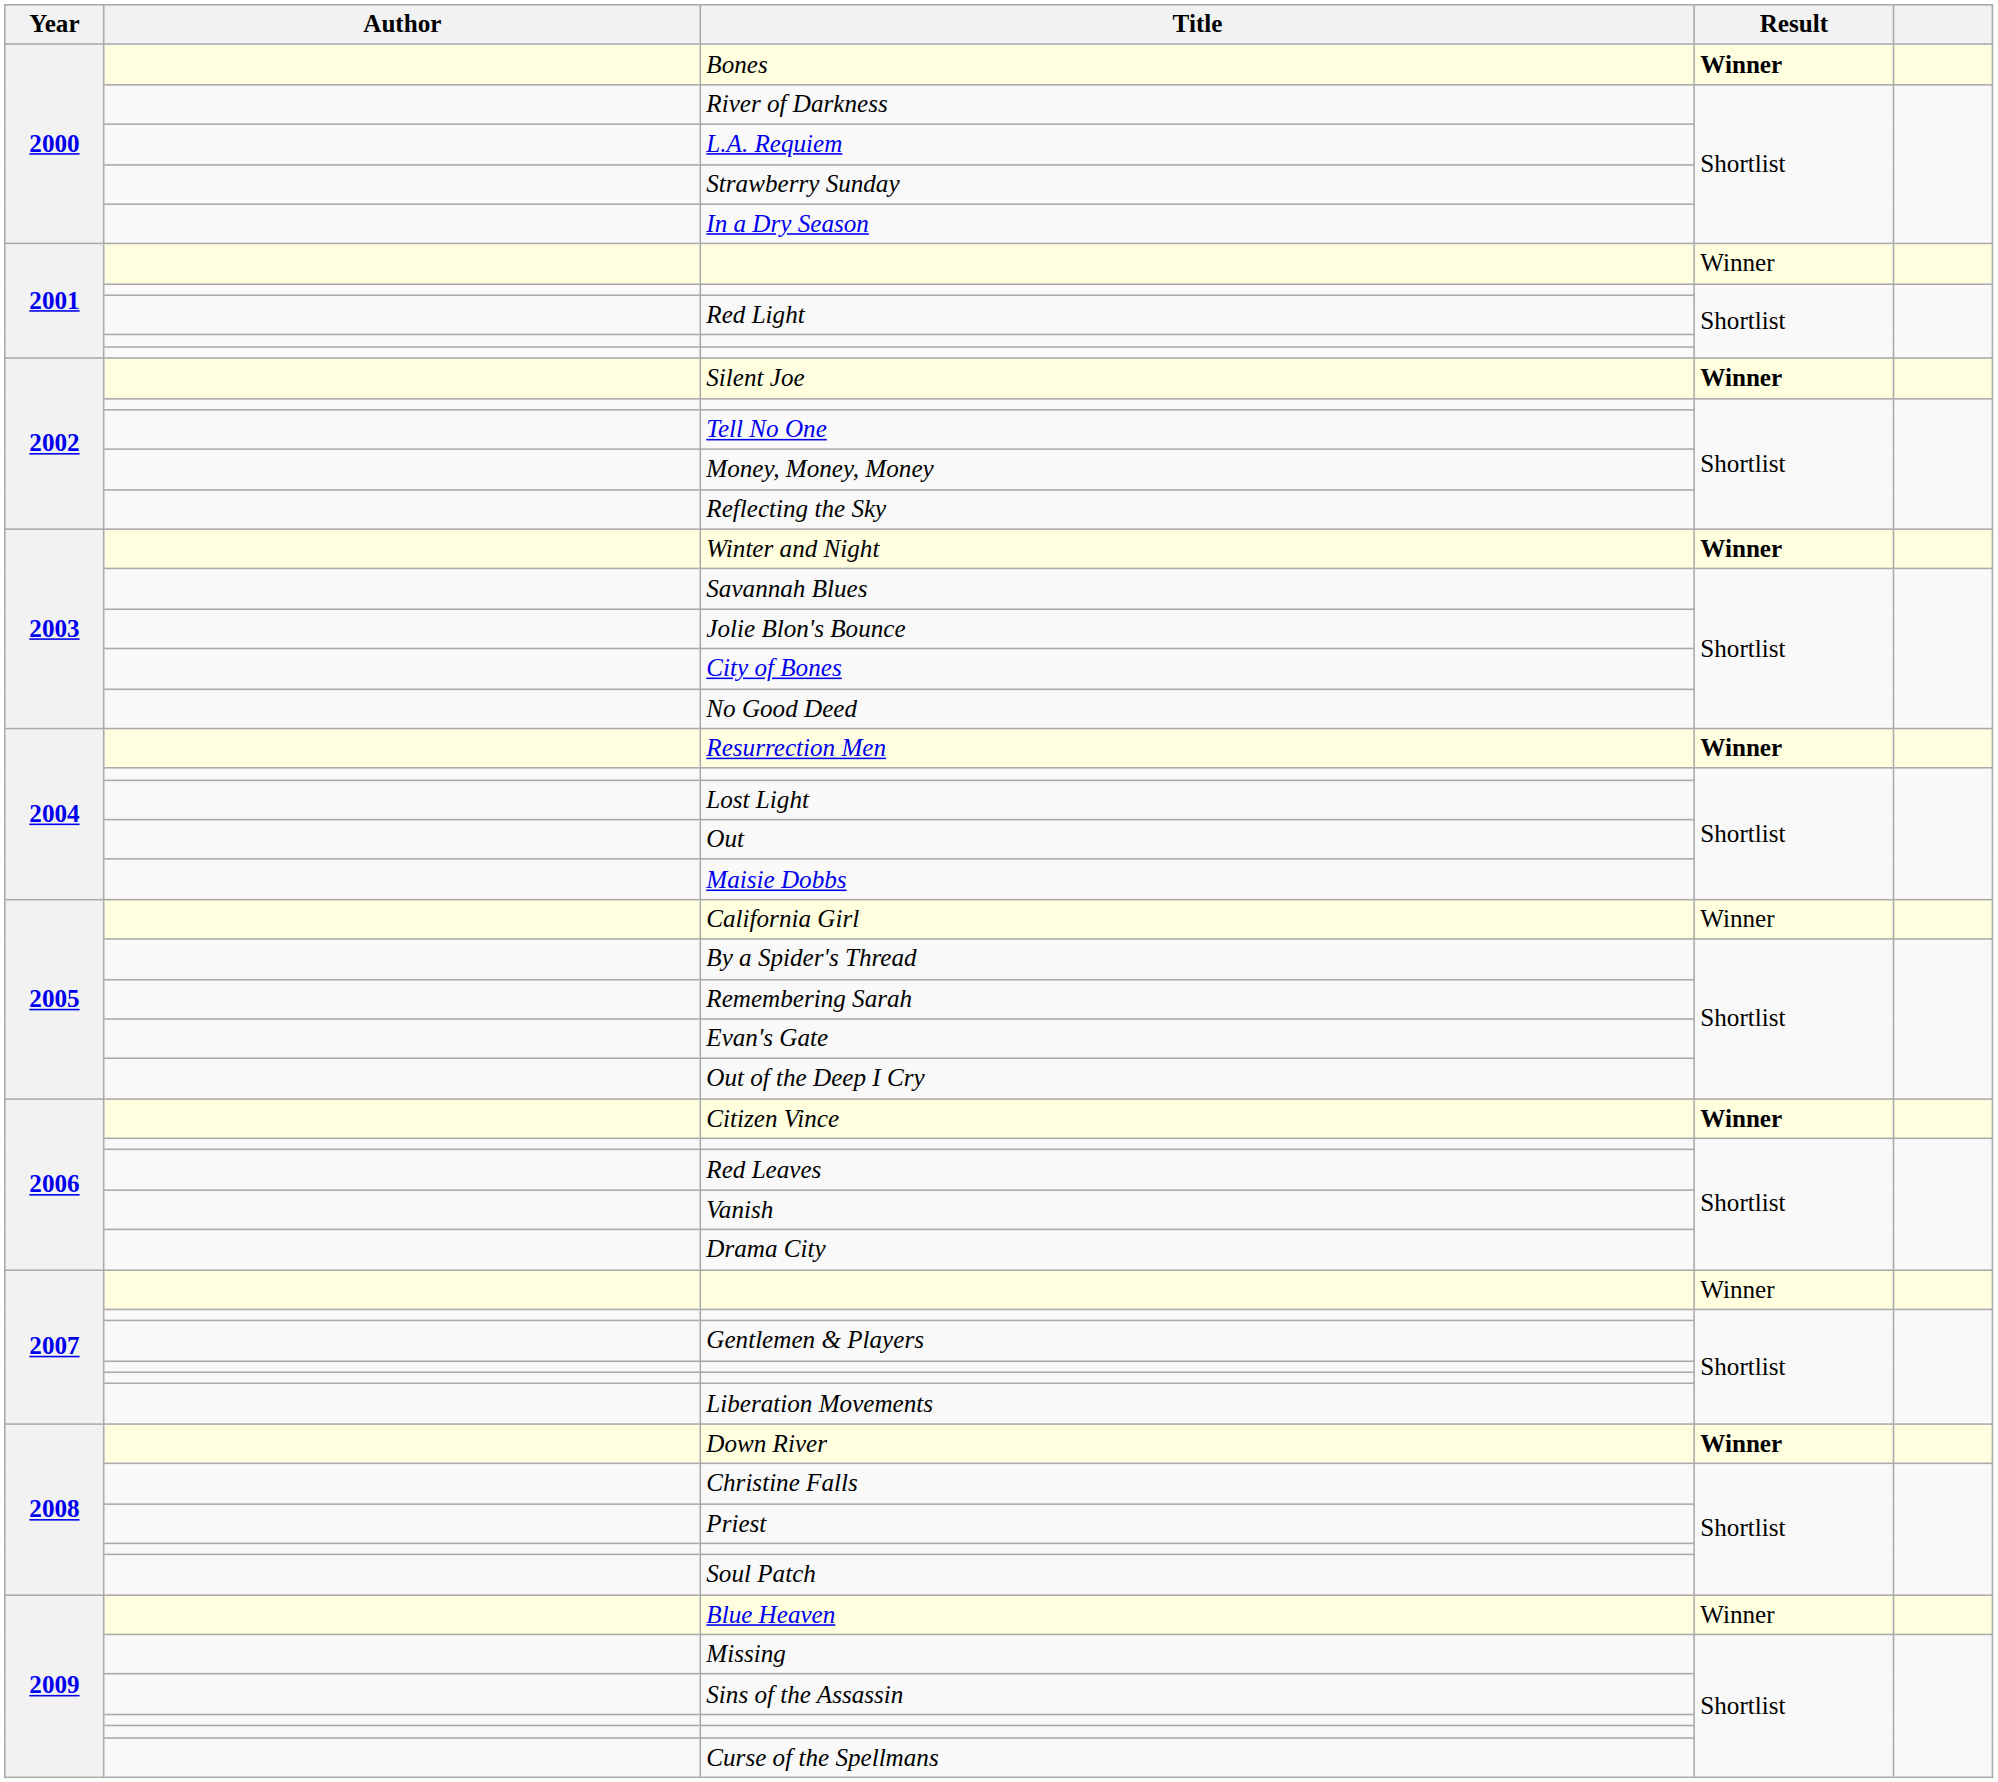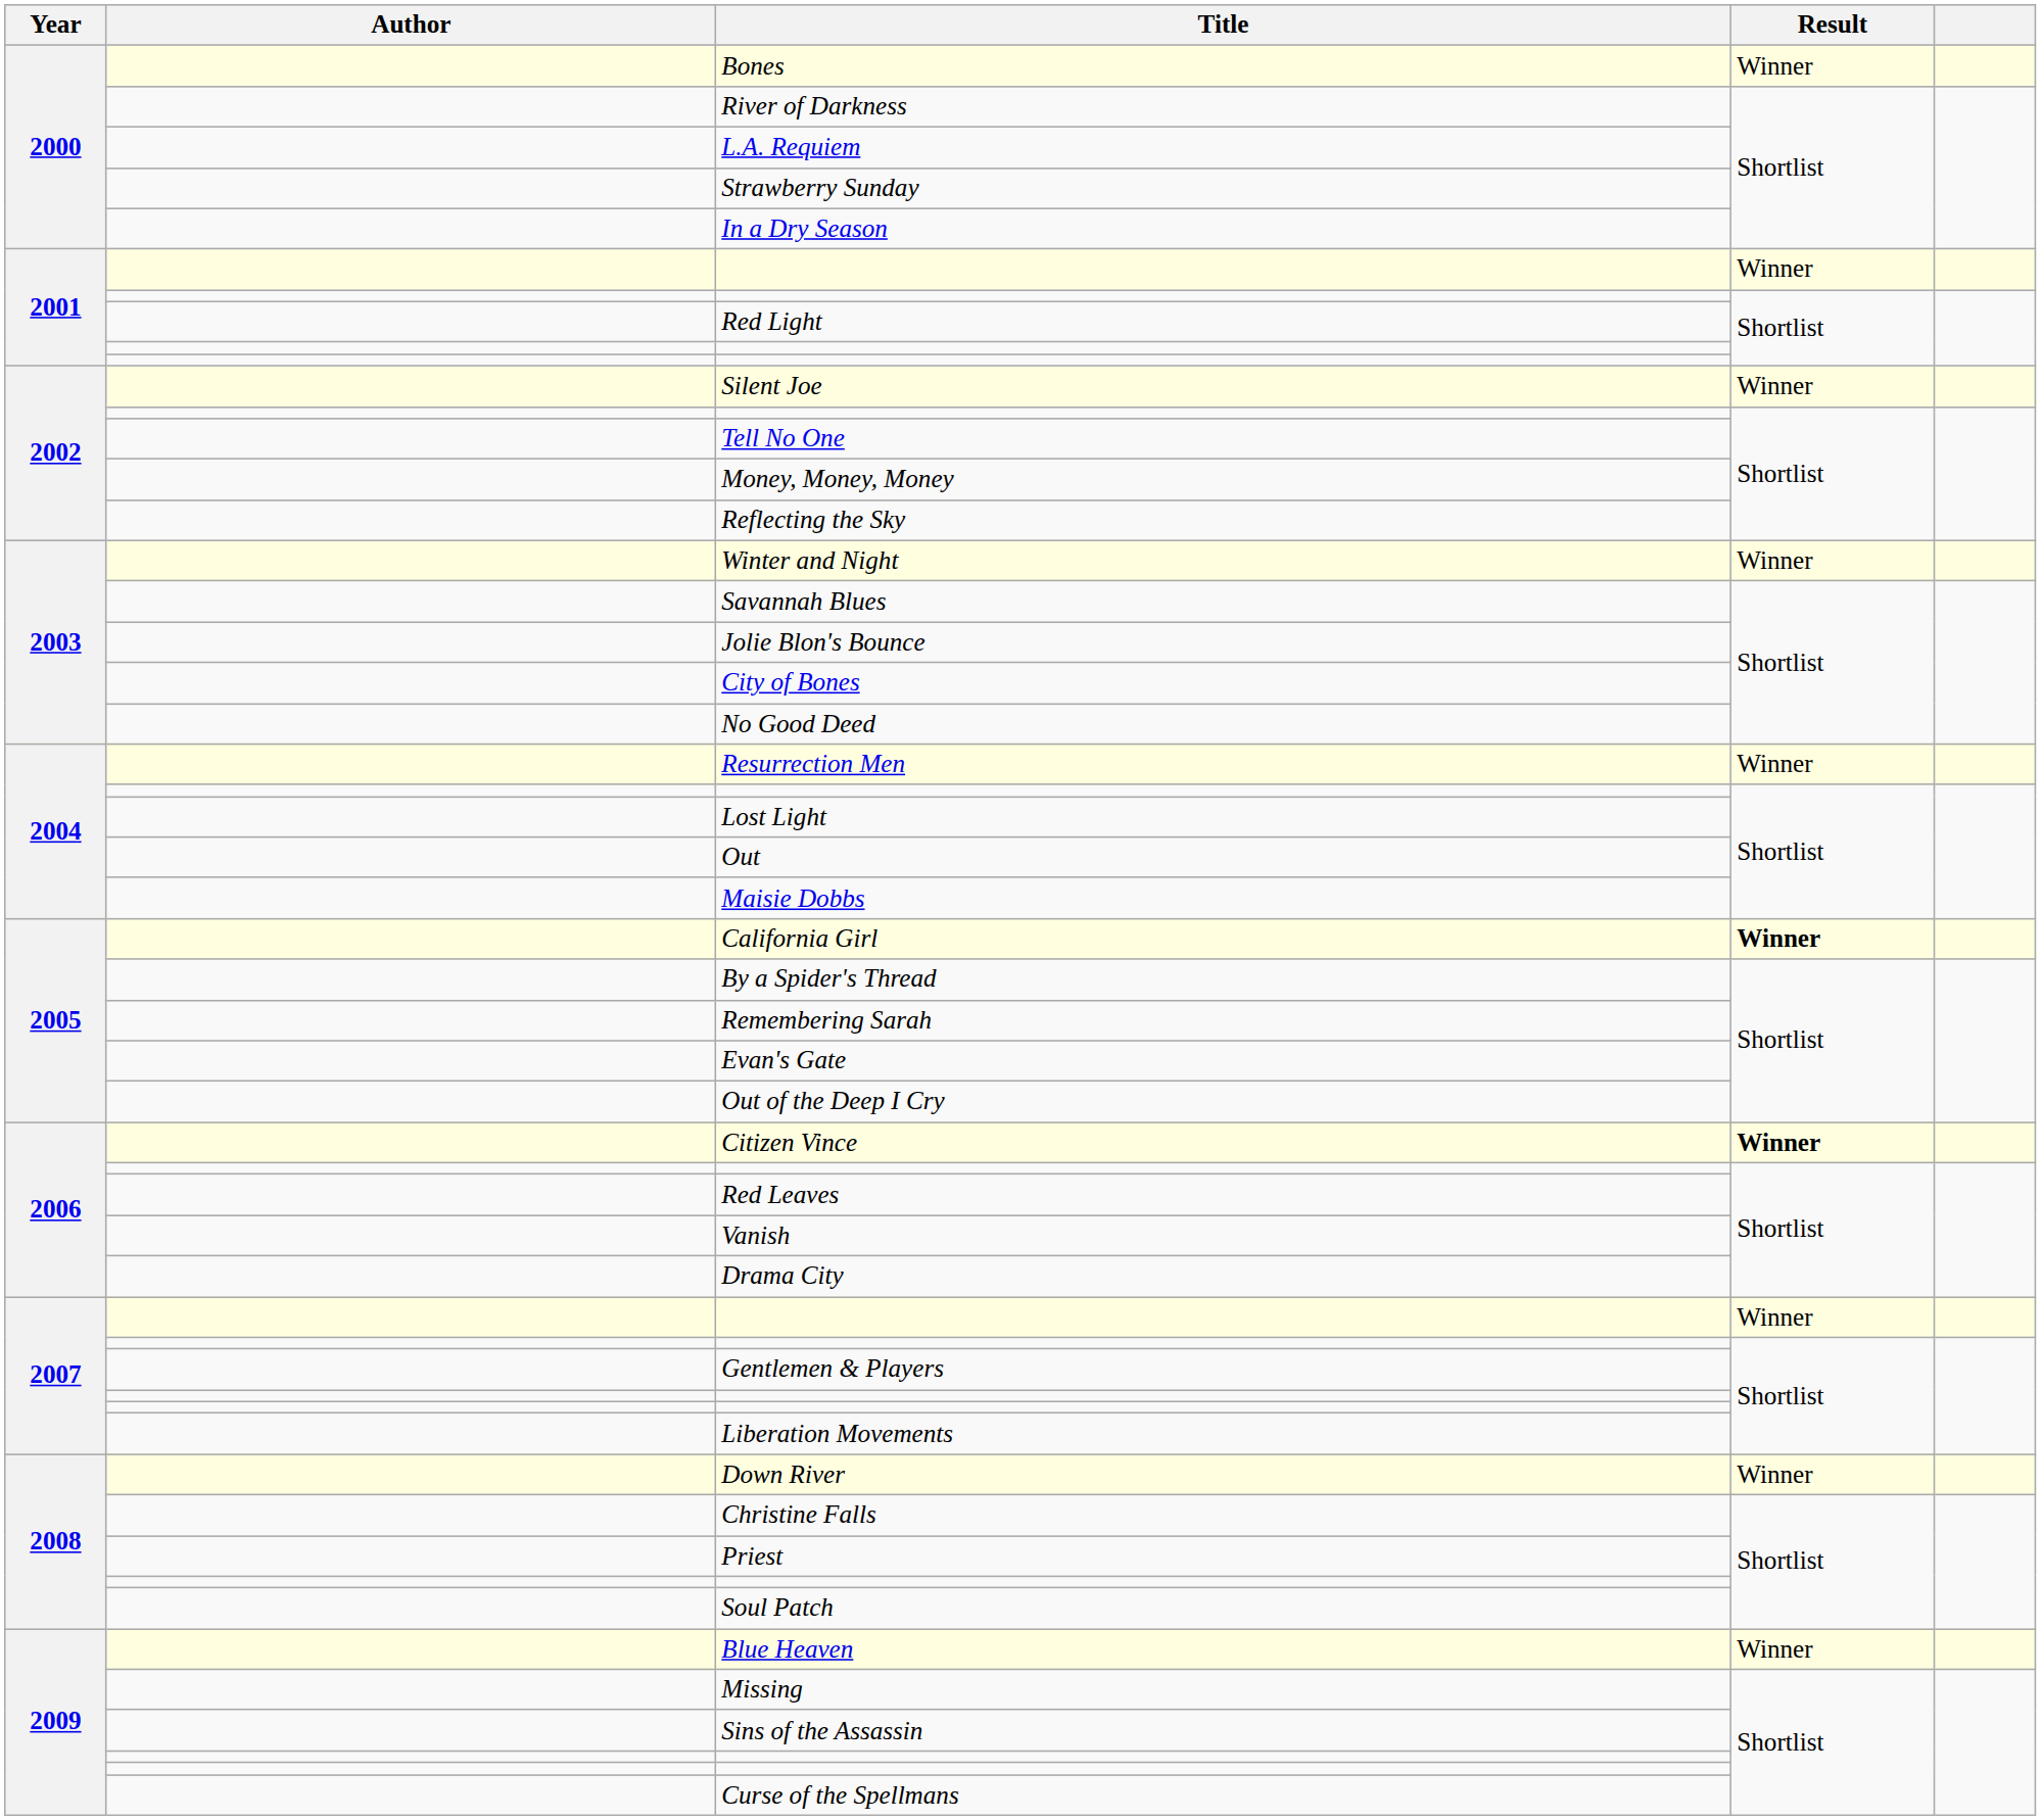 <table class="wikitable sortable mw-collapsible" style="width:80%">
 <tr>
 <th scope="col" width="5%">Year</th>
 <th scope="col" width="30%">Author</th>
 <th scope="col" width="50%">Title</th>
 <th scope="col" width="10%">Result</th>
 <th scope="col" width="5%"></th>
 </tr>
 <tr style="background:lightyellow;">
 <th rowspan="5"><a href='#'>2000</a></th>
 <td></td>
 <td><em>Bones</em></td>
-<td><strong>Winner</strong></td>
+<td>Winner</td>
 <td></td>
 </tr>
 <tr>
 <td></td>
 <td><em>River of Darkness</em></td>
 <td rowspan="4">Shortlist</td>
 <td rowspan="4"></td>
 </tr>
 <tr>
 <td></td>
 <td><em><a href='#'>L.A. Requiem</a></em></td>
 </tr>
 <tr>
 <td></td>
 <td><em>Strawberry Sunday</em></td>
 </tr>
 <tr>
 <td></td>
 <td><em><a href='#'>In a Dry Season</a></em></td>
 </tr>
 <tr style="background:lightyellow;">
 <th rowspan="5"><a href='#'>2001</a></th>
 <td></td>
 <td></td>
 <td>Winner</td>
 <td></td>
 </tr>
 <tr>
 <td></td>
 <td></td>
 <td rowspan="4">Shortlist</td>
 <td rowspan="4"></td>
 </tr>
 <tr>
 <td></td>
 <td><em>Red Light</em></td>
 </tr>
 <tr>
 <td></td>
 <td></td>
 </tr>
 <tr>
 <td></td>
 <td></td>
 </tr>
 <tr style="background:lightyellow;">
 <th rowspan="5"><a href='#'>2002</a></th>
 <td></td>
 <td><em>Silent Joe</em></td>
-<td><strong>Winner</strong></td>
+<td>Winner</td>
 <td></td>
 </tr>
 <tr>
 <td></td>
 <td></td>
 <td rowspan="4">Shortlist</td>
 <td rowspan="4"></td>
 </tr>
 <tr>
 <td></td>
 <td><em><a href='#'>Tell No One</a></em></td>
 </tr>
 <tr>
 <td></td>
 <td><em>Money, Money, Money</em></td>
 </tr>
 <tr>
 <td></td>
 <td><em>Reflecting the Sky</em></td>
 </tr>
 <tr style="background:lightyellow;">
 <th rowspan="5"><a href='#'>2003</a></th>
 <td></td>
 <td><em>Winter and Night</em></td>
-<td><strong>Winner</strong></td>
+<td>Winner</td>
 <td></td>
 </tr>
 <tr>
 <td></td>
 <td><em>Savannah Blues</em></td>
 <td rowspan="4">Shortlist</td>
 <td rowspan="4"></td>
 </tr>
 <tr>
 <td></td>
 <td><em>Jolie Blon's Bounce</em></td>
 </tr>
 <tr>
 <td></td>
 <td><em><a href='#'>City of Bones</a></em></td>
 </tr>
 <tr>
 <td></td>
 <td><em>No Good Deed</em></td>
 </tr>
 <tr style="background:lightyellow;">
 <th rowspan="5"><a href='#'>2004</a></th>
 <td></td>
 <td><em><a href='#'>Resurrection Men</a></em></td>
-<td><strong>Winner</strong></td>
+<td>Winner</td>
 <td></td>
 </tr>
 <tr>
 <td></td>
 <td></td>
 <td rowspan="4">Shortlist</td>
 <td rowspan="4"></td>
 </tr>
 <tr>
 <td></td>
 <td><em>Lost Light</em></td>
 </tr>
 <tr>
 <td></td>
 <td><em>Out</em></td>
 </tr>
 <tr>
 <td></td>
 <td><em><a href='#'>Maisie Dobbs</a></em></td>
 </tr>
 <tr style="background:lightyellow;">
 <th rowspan="5"><a href='#'>2005</a></th>
 <td></td>
 <td><em>California Girl</em></td>
-<td>Winner</td>
+<td><strong>Winner</strong></td>
 <td></td>
 </tr>
 <tr>
 <td></td>
 <td><em>By a Spider's Thread</em></td>
 <td rowspan="4">Shortlist</td>
 <td rowspan="4"></td>
 </tr>
 <tr>
 <td></td>
 <td><em>Remembering Sarah</em></td>
 </tr>
 <tr>
 <td></td>
 <td><em>Evan's Gate</em></td>
 </tr>
 <tr>
 <td></td>
 <td><em>Out of the Deep I Cry</em></td>
 </tr>
 <tr style="background:lightyellow;">
 <th rowspan="5"><a href='#'>2006</a></th>
 <td></td>
 <td><em>Citizen Vince</em></td>
 <td><strong>Winner</strong></td>
 <td></td>
 </tr>
 <tr>
 <td></td>
 <td></td>
 <td rowspan="4">Shortlist</td>
 <td rowspan="4"></td>
 </tr>
 <tr>
 <td></td>
 <td><em>Red Leaves</em></td>
 </tr>
 <tr>
 <td></td>
 <td><em>Vanish</em></td>
 </tr>
 <tr>
 <td></td>
 <td><em>Drama City</em></td>
 </tr>
 <tr style="background:lightyellow;">
 <th rowspan="6"><a href='#'>2007</a></th>
 <td></td>
 <td></td>
 <td>Winner</td>
 <td></td>
 </tr>
 <tr>
 <td></td>
 <td></td>
 <td rowspan="5">Shortlist</td>
 <td rowspan="5"></td>
 </tr>
 <tr>
 <td></td>
 <td><em>Gentlemen & Players</em></td>
 </tr>
 <tr>
 <td></td>
 <td></td>
 </tr>
 <tr>
 <td></td>
 <td></td>
 </tr>
 <tr>
 <td></td>
 <td><em>Liberation Movements</em></td>
 </tr>
 <tr style="background:lightyellow;">
 <th rowspan="5"><a href='#'>2008</a></th>
 <td></td>
 <td><em>Down River</em></td>
-<td><strong>Winner</strong></td>
+<td>Winner</td>
 <td></td>
 </tr>
 <tr>
 <td></td>
 <td><em>Christine Falls</em></td>
 <td rowspan="4">Shortlist</td>
 <td rowspan="4"></td>
 </tr>
 <tr>
 <td></td>
 <td><em>Priest</em></td>
 </tr>
 <tr>
 <td></td>
 <td></td>
 </tr>
 <tr>
 <td></td>
 <td><em>Soul Patch</em></td>
 </tr>
 <tr style="background:lightyellow;">
 <th rowspan="6"><a href='#'>2009</a></th>
 <td></td>
 <td><em><a href='#'>Blue Heaven</a></em></td>
 <td>Winner</td>
 <td></td>
 </tr>
 <tr>
 <td></td>
 <td><em>Missing</em></td>
 <td rowspan="5">Shortlist</td>
 <td rowspan="5"></td>
 </tr>
 <tr>
 <td></td>
 <td><em>Sins of the Assassin</em></td>
 </tr>
 <tr>
 <td></td>
 <td></td>
 </tr>
 <tr>
 <td></td>
 <td></td>
 </tr>
 <tr>
 <td></td>
 <td><em>Curse of the Spellmans</em></td>
 </tr>
 </table>
